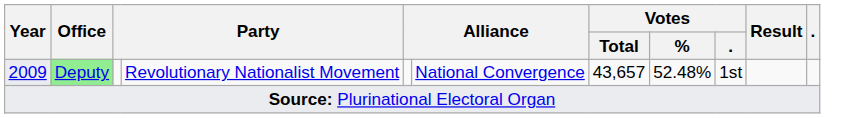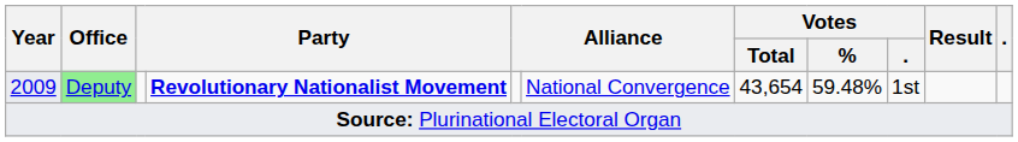 <table class="wikitable" style="font-size: 90%; text-align:center;">
 <tr>
 <th rowspan=2>Year</th>
 <th rowspan=2>Office</th>
 <th colspan=2 rowspan=2>Party</th>
 <th colspan=2 rowspan=2>Alliance</th>
 <th colspan=3>Votes</th>
 <th rowspan=2>Result</th>
 <th rowspan=2>.</th>
 </tr>
 <tr>
 <th>Total</th>
 <th>%</th>
 <th>.</th>
 </tr>
 <tr>
 <td style="background-color:#EAECF0;"><a href='#'>2009</a></td>
 <td style="background: lightgreen;"><a href='#'>Deputy</a></td>
 <td style="background-color:"></td>
-<td><a href='#'>Revolutionary Nationalist Movement</a></td>
+<td><strong><a href='#'>Revolutionary Nationalist Movement</a></strong></td>
 <td style="background-color:"></td>
 <td><a href='#'>National Convergence</a></td>
-<td>43,657</td>
-<td>52.48%</td>
+<td>43,654</td>
+<td>59.48%</td>
 <td>1st</td>
 <td></td>
 <td></td>
 </tr>
 <tr>
 <td style="background-color:#EAECF0;" colspan=11><strong>Source:</strong> <a href='#'>Plurinational Electoral Organ</a>  </td>
 </tr>
 </table>
